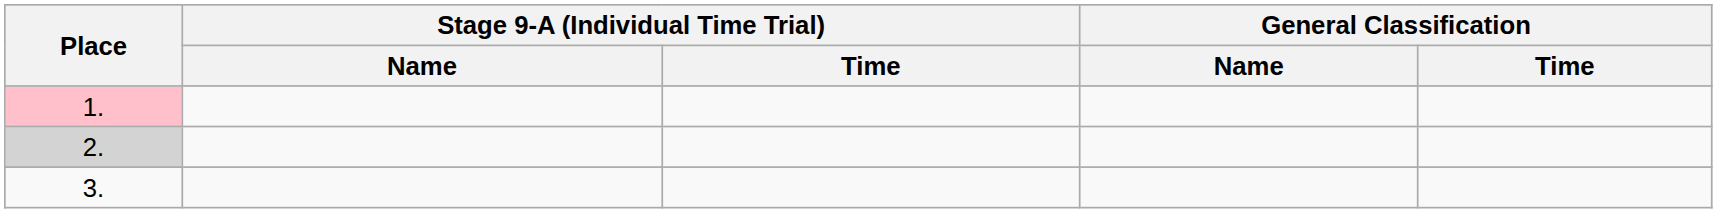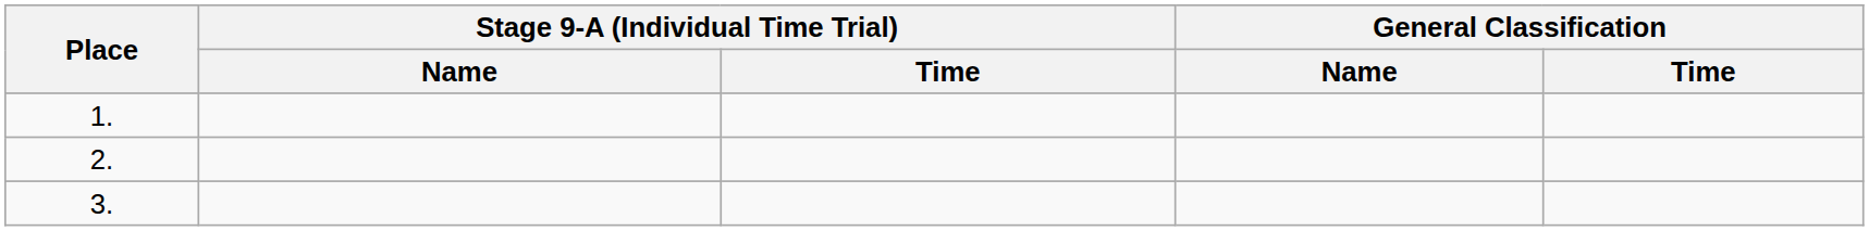 <table class="wikitable"  style="font-size:95%; width:80%;">
 <tr>
 <th rowspan="2">Place</th>
 <th colspan="2">Stage 9-A (Individual Time Trial)</th>
 <th colspan="2">General Classification</th>
 </tr>
 <tr>
 <th>Name</th>
 <th>Time</th>
 <th>Name</th>
 <th>Time</th>
 </tr>
 <tr>
-<td style="background: pink; text-align:center;">1.</td>
+<td style="text-align:center;">1.</td>
 <td></td>
 <td></td>
 <td></td>
 <td></td>
 </tr>
 <tr>
-<td style="background: lightgrey; text-align:center;">2.</td>
+<td style="text-align:center;">2.</td>
 <td></td>
 <td></td>
 <td></td>
 <td></td>
 </tr>
 <tr>
 <td style="text-align:center;">3.</td>
 <td></td>
 <td></td>
 <td></td>
 <td></td>
 </tr>
 </table>
